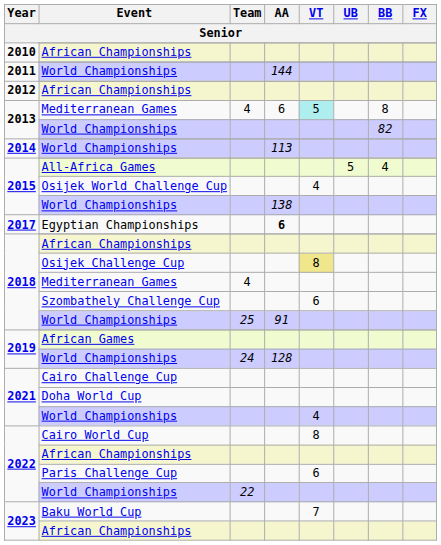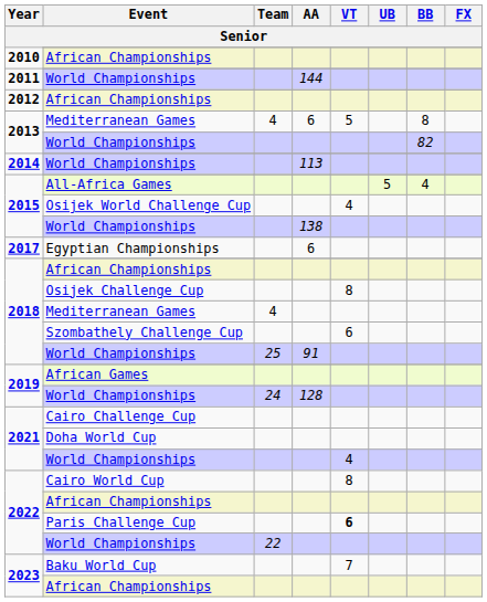 <table class="wikitable" style="text-align:center; font-size:95%;">
 <tr>
 <th align=center>Year</th>
 <th align=center>Event</th>
 <th style="width:30px;">Team</th>
 <th style="width:30px;">AA</th>
 <th style="width:30px;"><a href='#'>VT</a></th>
 <th style="width:30px;"><a href='#'>UB</a></th>
 <th style="width:30px;"><a href='#'>BB</a></th>
 <th style="width:30px;"><a href='#'>FX</a></th>
 </tr>
 <tr>
 <th colspan="8"><strong>Senior</strong></th>
 </tr>
 <tr>
 <td rowspan="2"><strong>2010</strong></td>
 </tr>
 <tr bgcolor=#F5F6CE>
 <td align=left><a href='#'>African Championships</a></td>
 <td></td>
 <td></td>
 <td></td>
 <td></td>
 <td></td>
 <td></td>
 </tr>
 <tr>
 <td rowspan="2"><strong>2011</strong></td>
 </tr>
 <tr bgcolor=#CCCCFF>
 <td align=left><a href='#'>World Championships</a></td>
 <td></td>
 <td><em>144</em></td>
 <td></td>
 <td></td>
 <td></td>
 <td></td>
 </tr>
 <tr>
 <td rowspan="2"><strong>2012</strong></td>
 </tr>
 <tr bgcolor=#F5F6CE>
 <td align=left><a href='#'>African Championships</a></td>
 <td></td>
 <td></td>
 <td></td>
 <td></td>
 <td></td>
 <td></td>
 </tr>
 <tr>
 <td rowspan="2"><strong>2013</strong></td>
 <td align=left><a href='#'>Mediterranean Games</a></td>
 <td>4</td>
 <td>6</td>
-<td style="background: paleturquoise;">5</td>
+<td>5</td>
 <td></td>
 <td>8</td>
 <td></td>
 </tr>
 <tr bgcolor=#CCCCFF>
 <td align=left><a href='#'>World Championships</a></td>
 <td></td>
 <td></td>
 <td></td>
 <td></td>
 <td><em>82</em></td>
 <td></td>
 </tr>
 <tr>
 <td rowspan="2"><strong><a href='#'>2014</a></strong></td>
 </tr>
 <tr bgcolor=#CCCCFF>
 <td align=left><a href='#'>World Championships</a></td>
 <td></td>
 <td><em>113</em></td>
 <td></td>
 <td></td>
 <td></td>
 <td></td>
 </tr>
 <tr>
 <td rowspan="4"><strong><a href='#'>2015</a></strong></td>
 </tr>
 <tr bgcolor=#f0fccf>
 <td align=left><a href='#'>All-Africa Games</a></td>
 <td></td>
 <td></td>
 <td></td>
 <td>5</td>
 <td>4</td>
 <td></td>
 </tr>
 <tr>
 <td align=left><a href='#'>Osijek World Challenge Cup</a></td>
 <td></td>
 <td></td>
 <td>4</td>
 <td></td>
 <td></td>
 <td></td>
 </tr>
 <tr bgcolor=#CCCCFF>
 <td align=left><a href='#'>World Championships</a></td>
 <td></td>
 <td><em>138</em></td>
 <td></td>
 <td></td>
 <td></td>
 <td></td>
 </tr>
 <tr>
 <td rowspan="1"><strong><a href='#'>2017</a></strong></td>
 <td align=left>Egyptian Championships</td>
 <td></td>
-<td><strong>6</strong></td>
+<td>6</td>
 <td></td>
 <td></td>
 <td></td>
 <td></td>
 </tr>
 <tr>
 <td rowspan="6"><strong><a href='#'>2018</a></strong></td>
 </tr>
 <tr bgcolor=#F5F6CE>
 <td align=left><a href='#'>African Championships</a></td>
 <td></td>
 <td></td>
 <td></td>
 <td></td>
 <td></td>
 <td></td>
 </tr>
 <tr>
 <td align=left><a href='#'>Osijek Challenge Cup</a></td>
 <td></td>
 <td></td>
-<td style="background: khaki;">8</td>
+<td>8</td>
 <td></td>
 <td></td>
 <td></td>
 </tr>
 <tr>
 <td align=left><a href='#'>Mediterranean Games</a></td>
 <td>4</td>
 <td></td>
 <td></td>
 <td></td>
 <td></td>
 <td></td>
 </tr>
 <tr>
 <td align=left><a href='#'>Szombathely Challenge Cup</a></td>
 <td></td>
 <td></td>
 <td>6</td>
 <td></td>
 <td></td>
 <td></td>
 </tr>
 <tr bgcolor=#CCCCFF>
 <td align=left><a href='#'>World Championships</a></td>
 <td><em>25</em></td>
 <td><em>91</em></td>
 <td></td>
 <td></td>
 <td></td>
 <td></td>
 </tr>
 <tr>
 <td rowspan="3"><strong><a href='#'>2019</a></strong></td>
 </tr>
 <tr bgcolor=#f0fccf>
 <td align=left><a href='#'>African Games</a></td>
 <td></td>
 <td></td>
 <td></td>
 <td></td>
 <td></td>
 <td></td>
 </tr>
 <tr bgcolor=#CCCCFF>
 <td align=left><a href='#'>World Championships</a></td>
 <td><em>24</em></td>
 <td><em>128</em></td>
 <td></td>
 <td></td>
 <td></td>
 <td></td>
 </tr>
 <tr>
 <td rowspan="3"><strong><a href='#'>2021</a></strong></td>
 <td align=left><a href='#'>Cairo Challenge Cup</a></td>
 <td></td>
 <td></td>
 <td></td>
 <td></td>
 <td></td>
 <td></td>
 </tr>
 <tr>
 <td align=left><a href='#'>Doha World Cup</a></td>
 <td></td>
 <td></td>
 <td></td>
 <td></td>
 <td></td>
 <td></td>
 </tr>
 <tr bgcolor=#CCCCFF>
 <td align=left><a href='#'>World Championships</a></td>
 <td></td>
 <td></td>
 <td>4</td>
 <td></td>
 <td></td>
 <td></td>
 </tr>
 <tr>
 <td rowspan="4"><strong><a href='#'>2022</a></strong></td>
 <td align=left><a href='#'>Cairo World Cup</a></td>
 <td></td>
 <td></td>
 <td>8</td>
 <td></td>
 <td></td>
 <td></td>
 </tr>
 <tr bgcolor="#f5f6ce">
 <td align=left><a href='#'>African Championships</a></td>
 <td></td>
 <td></td>
 <td></td>
 <td></td>
 <td></td>
 <td></td>
 </tr>
 <tr>
 <td align=left><a href='#'>Paris Challenge Cup</a></td>
 <td></td>
 <td></td>
-<td>6</td>
+<td><strong>6</strong></td>
 <td></td>
 <td></td>
 <td></td>
 </tr>
 <tr bgcolor=#CCCCFF>
 <td align=left><a href='#'>World Championships</a></td>
 <td><em>22</em></td>
 <td></td>
 <td></td>
 <td></td>
 <td></td>
 <td></td>
 </tr>
 <tr>
 <td rowspan="2"><strong><a href='#'>2023</a></strong></td>
 <td align=left><a href='#'>Baku World Cup</a></td>
 <td></td>
 <td></td>
 <td>7</td>
 <td></td>
 <td></td>
 <td></td>
 </tr>
 <tr bgcolor="#f5f6ce">
 <td align=left><a href='#'>African Championships</a></td>
 <td></td>
 <td></td>
 <td></td>
 <td></td>
 <td></td>
 <td></td>
 </tr>
 </table>
